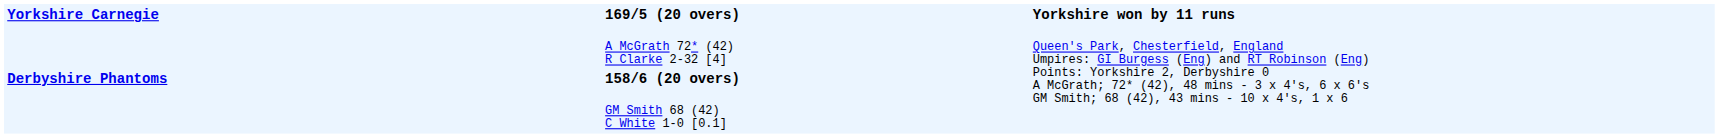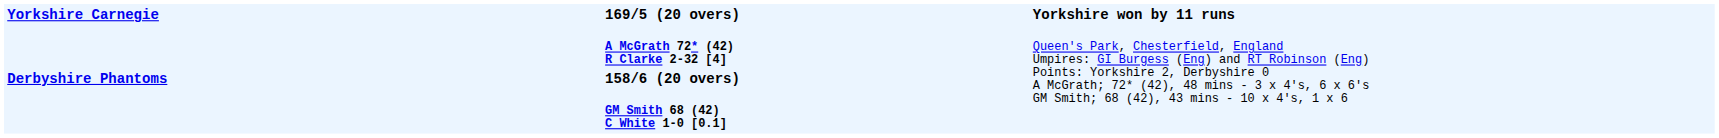 <table style="width:100%; background:#ebf5ff;">
 <tr>
 <td style="width:35%; vertical-align:top;" rowspan="2"><strong><a href='#'>Yorkshire Carnegie</a></strong></td>
 <td style="width:25%;"><strong>169/5 (20 overs)</strong></td>
 <td style="width:40%;"><strong>Yorkshire won by 11 runs</strong></td>
 </tr>
 <tr>
-<td style="font-size: 85%;"><br><a href='#'>A McGrath</a> 72<a href='#'>*</a> (42)<br> <a href='#'>R Clarke</a> 2-32 [4]</td>
+<td style="font-size: 85%;"><strong><br><a href='#'>A McGrath</a> 72<a href='#'>*</a> (42)<br> <a href='#'>R Clarke</a> 2-32 [4]</strong></td>
 <td style="vertical-align:top; font-size:85%;" rowspan="3"><br><a href='#'>Queen's Park</a>, <a href='#'>Chesterfield</a>, <a href='#'>England</a><br> Umpires: <a href='#'>GI Burgess</a> (<a href='#'>Eng</a>) and <a href='#'>RT Robinson</a> (<a href='#'>Eng</a>)<br> Points: Yorkshire 2, Derbyshire 0<br>A McGrath; 72* (42), 48 mins - 3 x 4's, 6 x 6's<br> GM Smith; 68 (42), 43 mins - 10 x 4's, 1 x 6</td>
 </tr>
 <tr>
 <td style="vertical-align:top;" rowspan="2"><strong><a href='#'>Derbyshire Phantoms</a></strong></td>
 <td><strong>158/6 (20 overs)</strong></td>
 </tr>
 <tr>
-<td style="font-size: 85%;"><br><a href='#'>GM Smith</a> 68 (42)<br> <a href='#'>C White</a> 1-0 [0.1]</td>
+<td style="font-size: 85%;"><strong><br><a href='#'>GM Smith</a> 68 (42)<br> <a href='#'>C White</a> 1-0 [0.1]</strong></td>
 </tr>
 </table>
